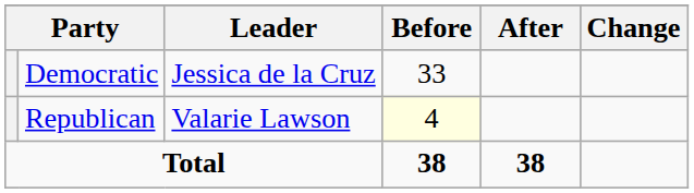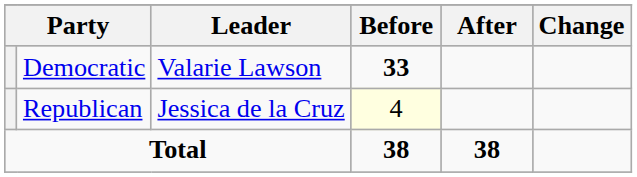 <table class="wikitable" style="text-align:center;">
 <tr>
 </tr>
 <tr>
 <th colspan="2">Party</th>
 <th>Leader</th>
 <th style="width:3em">Before</th>
 <th style="width:3em">After</th>
 <th style="width:3em">Change</th>
 </tr>
 <tr>
 <th style="background-color:"></th>
 <td style="text-align:left;"><a href='#'>Democratic</a></td>
-<td style="text-align:left;"><a href='#'>Jessica de la Cruz</a></td>
-<td>33</td>
+<td style="text-align:left;"><a href='#'>Valarie Lawson</a></td>
+<td><strong>33</strong></td>
 <td></td>
 <td></td>
 </tr>
 <tr>
 <th style="background-color:"></th>
 <td style="text-align:left;"><a href='#'>Republican</a></td>
-<td style="text-align:left;"><a href='#'>Valarie Lawson</a></td>
+<td style="text-align:left;"><a href='#'>Jessica de la Cruz</a></td>
 <td style="background: lightyellow;">4</td>
 <td></td>
 <td></td>
 </tr>
 <tr>
 <td colspan="3"><strong>Total</strong></td>
 <td><strong>38</strong></td>
 <td><strong>38</strong></td>
 <td></td>
 </tr>
 </table>
